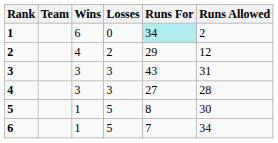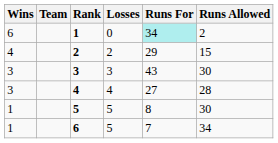 <table class="wikitable">
 <tr>
+<th>Wins</th>
+<th>Team</th>
 <th>Rank</th>
-<th>Team</th>
-<th>Wins</th>
 <th>Losses</th>
 <th>Runs For</th>
 <th>Runs Allowed</th>
 </tr>
 <tr>
+<td>6</td>
+<td></td>
 <td><strong>1</strong></td>
-<td></td>
-<td>6</td>
 <td>0</td>
 <td style="background: paleturquoise;">34</td>
 <td>2</td>
 </tr>
 <tr>
+<td>4</td>
+<td></td>
 <td><strong>2</strong></td>
-<td></td>
-<td>4</td>
 <td>2</td>
 <td>29</td>
-<td>12</td>
+<td>15</td>
 </tr>
 <tr>
+<td>3</td>
+<td></td>
 <td><strong>3</strong></td>
-<td></td>
-<td>3</td>
 <td>3</td>
 <td>43</td>
-<td>31</td>
+<td>30</td>
 </tr>
 <tr>
+<td>3</td>
+<td></td>
 <td><strong>4</strong></td>
-<td></td>
-<td>3</td>
-<td>3</td>
+<td>4</td>
 <td>27</td>
 <td>28</td>
 </tr>
 <tr>
+<td>1</td>
+<td></td>
 <td><strong>5</strong></td>
-<td></td>
-<td>1</td>
 <td>5</td>
 <td>8</td>
 <td>30</td>
 </tr>
 <tr>
+<td>1</td>
+<td></td>
 <td><strong>6</strong></td>
-<td></td>
-<td>1</td>
 <td>5</td>
 <td>7</td>
 <td>34</td>
 </tr>
 </table>
